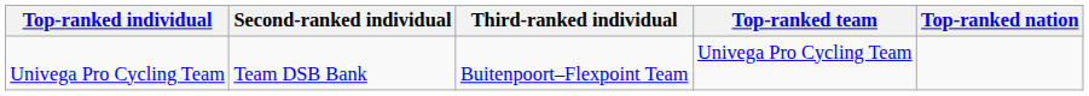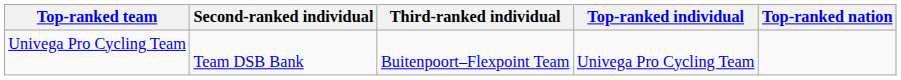 <table class="wikitable">
 <tr>
-<th><a href='#'>Top-ranked individual</a></th>
+<th><a href='#'>Top-ranked team</a></th>
 <th>Second-ranked individual</th>
 <th>Third-ranked individual</th>
-<th><a href='#'>Top-ranked team</a></th>
+<th><a href='#'>Top-ranked individual</a></th>
 <th><a href='#'>Top-ranked nation</a></th>
 </tr>
 <tr valign="top">
-<td align=left><br><span><a href='#'>Univega Pro Cycling Team</a></span></td>
+<td><a href='#'>Univega Pro Cycling Team</a></td>
 <td align=left><br><span><a href='#'>Team DSB Bank</a></span></td>
 <td align=left><br><span><a href='#'>Buitenpoort–Flexpoint Team</a></span></td>
-<td><a href='#'>Univega Pro Cycling Team</a></td>
+<td align=left><br><span><a href='#'>Univega Pro Cycling Team</a></span></td>
 <td></td>
 </tr>
 </table>
